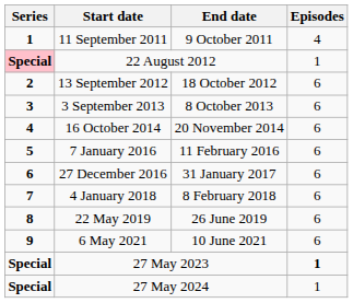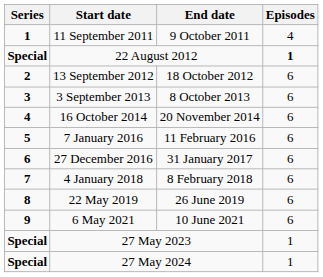 <table class="wikitable" style="text-align:center;">
 <tr>
 <th>Series</th>
 <th>Start date</th>
 <th>End date</th>
 <th>Episodes</th>
 </tr>
 <tr>
 <td><strong>1</strong></td>
 <td>11 September 2011</td>
 <td>9 October 2011</td>
 <td>4</td>
 </tr>
 <tr>
-<td style="background: pink;"><strong>Special</strong></td>
+<td><strong>Special</strong></td>
 <td colspan=2>22 August 2012</td>
-<td>1</td>
+<td><strong>1</strong></td>
 </tr>
 <tr>
 <td><strong>2</strong></td>
 <td>13 September 2012</td>
 <td>18 October 2012</td>
 <td>6</td>
 </tr>
 <tr>
 <td><strong>3</strong></td>
 <td>3 September 2013</td>
 <td>8 October 2013</td>
 <td>6</td>
 </tr>
 <tr>
 <td><strong>4</strong></td>
 <td>16 October 2014</td>
 <td>20 November 2014</td>
 <td>6</td>
 </tr>
 <tr>
 <td><strong>5</strong></td>
 <td>7 January 2016</td>
 <td>11 February 2016</td>
 <td>6</td>
 </tr>
 <tr>
 <td><strong>6</strong></td>
 <td>27 December 2016</td>
 <td>31 January 2017</td>
 <td>6</td>
 </tr>
 <tr>
 <td><strong>7</strong></td>
 <td>4 January 2018</td>
 <td>8 February 2018</td>
 <td>6</td>
 </tr>
 <tr>
 <td><strong>8</strong></td>
 <td>22 May 2019</td>
 <td>26 June 2019</td>
 <td>6</td>
 </tr>
 <tr>
 <td><strong>9</strong></td>
 <td>6 May 2021</td>
 <td>10 June 2021</td>
 <td>6</td>
 </tr>
 <tr>
 <td><strong>Special</strong></td>
 <td colspan=2>27 May 2023</td>
-<td><strong>1</strong></td>
+<td>1</td>
 </tr>
 <tr>
 <td><strong>Special</strong></td>
 <td colspan=2>27 May 2024</td>
 <td>1</td>
 </tr>
 </table>
